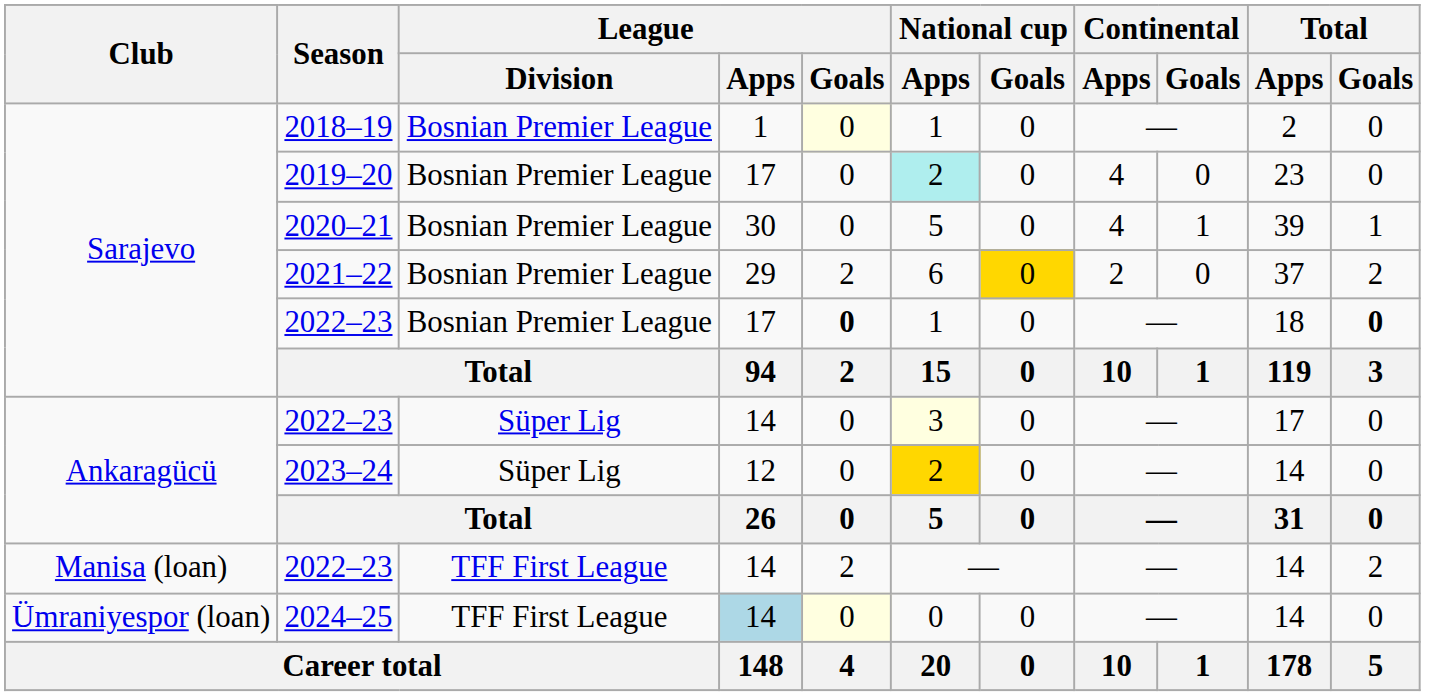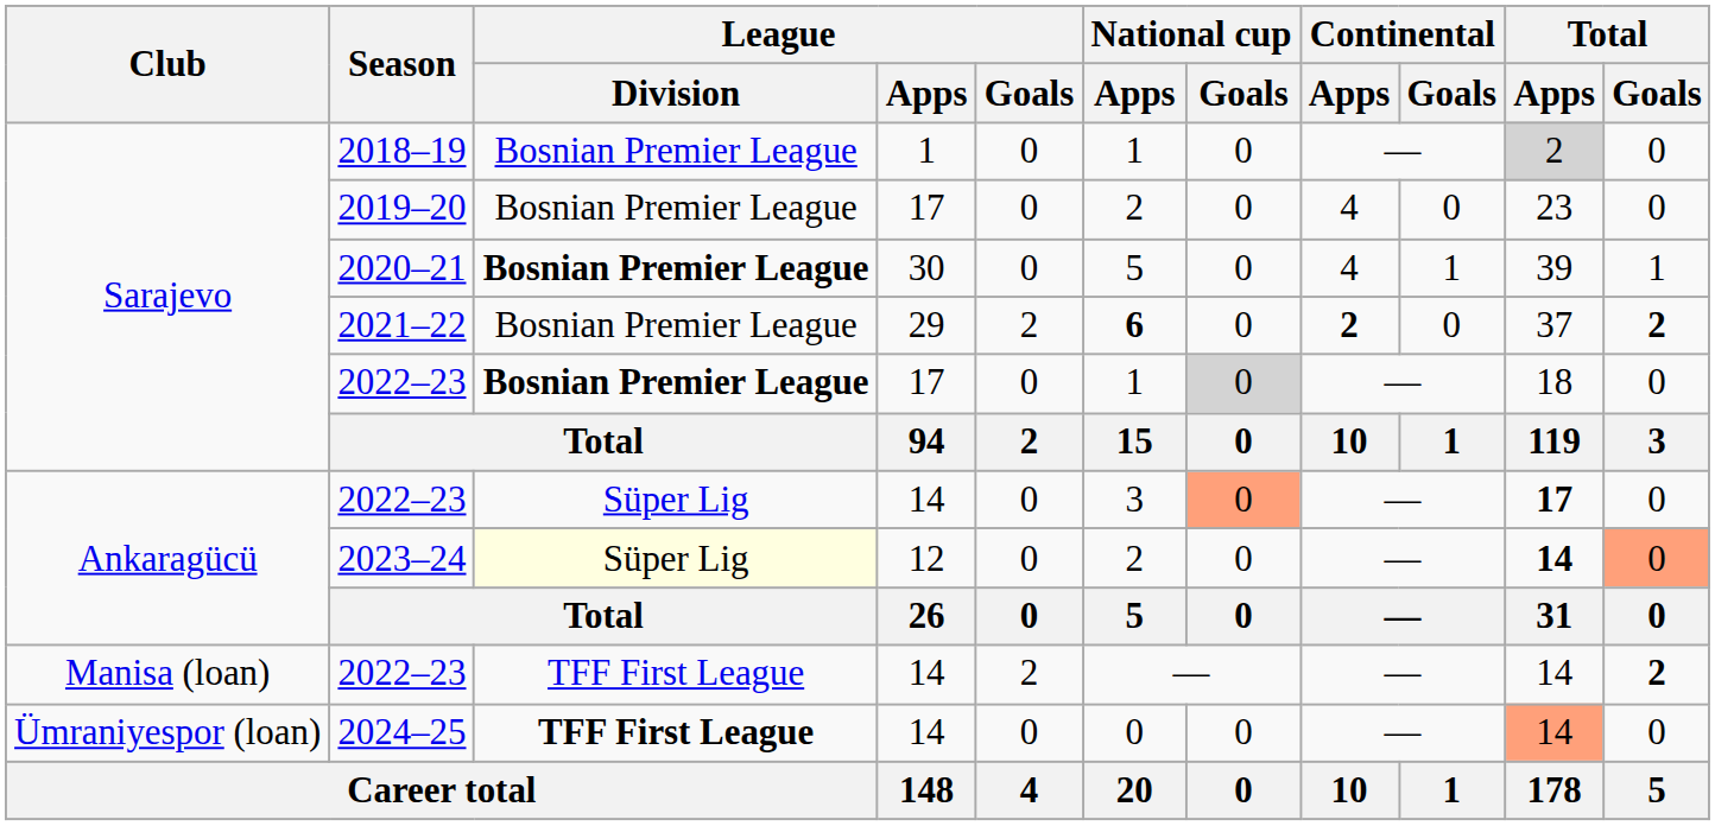 <table class=wikitable style="text-align: center">
 <tr>
 <th rowspan=2>Club</th>
 <th rowspan=2>Season</th>
 <th colspan=3>League</th>
 <th colspan=2>National cup</th>
 <th colspan=2>Continental</th>
 <th colspan=2>Total</th>
 </tr>
 <tr>
 <th>Division</th>
 <th>Apps</th>
 <th>Goals</th>
 <th>Apps</th>
 <th>Goals</th>
 <th>Apps</th>
 <th>Goals</th>
 <th>Apps</th>
 <th>Goals</th>
 </tr>
 <tr>
 <td rowspan=6><a href='#'>Sarajevo</a></td>
 <td><a href='#'>2018–19</a></td>
 <td><a href='#'>Bosnian Premier League</a></td>
 <td>1</td>
-<td style="background: lightyellow;">0</td>
+<td>0</td>
 <td>1</td>
 <td>0</td>
 <td colspan=2>—</td>
-<td>2</td>
+<td style="background: lightgrey;">2</td>
 <td>0</td>
 </tr>
 <tr>
 <td><a href='#'>2019–20</a></td>
 <td>Bosnian Premier League</td>
 <td>17</td>
 <td>0</td>
-<td style="background: paleturquoise;">2</td>
+<td>2</td>
 <td>0</td>
 <td>4</td>
 <td>0</td>
 <td>23</td>
 <td>0</td>
 </tr>
 <tr>
 <td><a href='#'>2020–21</a></td>
-<td>Bosnian Premier League</td>
+<td><strong>Bosnian Premier League</strong></td>
 <td>30</td>
 <td>0</td>
 <td>5</td>
 <td>0</td>
 <td>4</td>
 <td>1</td>
 <td>39</td>
 <td>1</td>
 </tr>
 <tr>
 <td><a href='#'>2021–22</a></td>
 <td>Bosnian Premier League</td>
 <td>29</td>
 <td>2</td>
-<td>6</td>
-<td style="background: gold;">0</td>
-<td>2</td>
+<td><strong>6</strong></td>
+<td>0</td>
+<td><strong>2</strong></td>
 <td>0</td>
 <td>37</td>
-<td>2</td>
+<td><strong>2</strong></td>
 </tr>
 <tr>
 <td><a href='#'>2022–23</a></td>
-<td>Bosnian Premier League</td>
+<td><strong>Bosnian Premier League</strong></td>
 <td>17</td>
-<td><strong>0</strong></td>
+<td>0</td>
 <td>1</td>
-<td>0</td>
+<td style="background: lightgrey;">0</td>
 <td colspan=2>—</td>
 <td>18</td>
-<td><strong>0</strong></td>
+<td>0</td>
 </tr>
 <tr>
 <th colspan=2>Total</th>
 <th>94</th>
 <th>2</th>
 <th>15</th>
 <th>0</th>
 <th>10</th>
 <th>1</th>
 <th>119</th>
 <th>3</th>
 </tr>
 <tr>
 <td rowspan=3><a href='#'>Ankaragücü</a></td>
 <td><a href='#'>2022–23</a></td>
 <td><a href='#'>Süper Lig</a></td>
 <td>14</td>
 <td>0</td>
-<td style="background: lightyellow;">3</td>
-<td>0</td>
+<td>3</td>
+<td style="background: lightsalmon;">0</td>
 <td colspan=2>—</td>
-<td>17</td>
+<td><strong>17</strong></td>
 <td>0</td>
 </tr>
 <tr>
 <td><a href='#'>2023–24</a></td>
-<td>Süper Lig</td>
+<td style="background: lightyellow;">Süper Lig</td>
 <td>12</td>
 <td>0</td>
-<td style="background: gold;">2</td>
+<td>2</td>
 <td>0</td>
 <td colspan=2>—</td>
-<td>14</td>
-<td>0</td>
+<td><strong>14</strong></td>
+<td style="background: lightsalmon;">0</td>
 </tr>
 <tr>
 <th colspan=2>Total</th>
 <th>26</th>
 <th>0</th>
 <th>5</th>
 <th>0</th>
 <th colspan=2>—</th>
 <th>31</th>
 <th>0</th>
 </tr>
 <tr>
 <td><a href='#'>Manisa</a> (loan)</td>
 <td><a href='#'>2022–23</a></td>
 <td><a href='#'>TFF First League</a></td>
 <td>14</td>
 <td>2</td>
 <td colspan=2>—</td>
 <td colspan=2>—</td>
 <td>14</td>
-<td>2</td>
+<td><strong>2</strong></td>
 </tr>
 <tr>
 <td><a href='#'>Ümraniyespor</a> (loan)</td>
 <td><a href='#'>2024–25</a></td>
-<td>TFF First League</td>
-<td style="background: lightblue;">14</td>
-<td style="background: lightyellow;">0</td>
+<td><strong>TFF First League</strong></td>
+<td>14</td>
+<td>0</td>
 <td>0</td>
 <td>0</td>
 <td colspan=2>—</td>
-<td>14</td>
+<td style="background: lightsalmon;">14</td>
 <td>0</td>
 </tr>
 <tr>
 <th colspan=3>Career total</th>
 <th>148</th>
 <th>4</th>
 <th>20</th>
 <th>0</th>
 <th>10</th>
 <th>1</th>
 <th>178</th>
 <th>5</th>
 </tr>
 </table>
